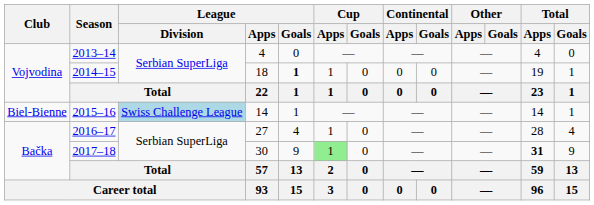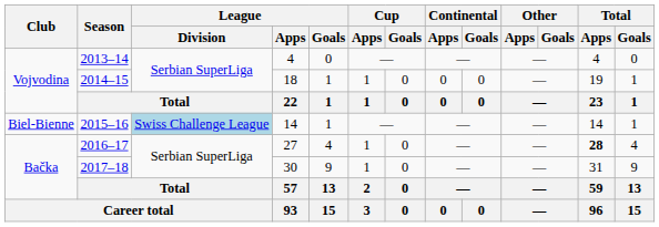 <table class="wikitable" style="text-align:center">
 <tr>
 <th rowspan="2">Club</th>
 <th rowspan="2">Season</th>
 <th colspan="3">League</th>
 <th colspan="2">Cup</th>
 <th colspan="2">Continental</th>
 <th colspan="2">Other</th>
 <th colspan="2">Total</th>
 </tr>
 <tr>
 <th>Division</th>
 <th>Apps</th>
 <th>Goals</th>
 <th>Apps</th>
 <th>Goals</th>
 <th>Apps</th>
 <th>Goals</th>
 <th>Apps</th>
 <th>Goals</th>
 <th>Apps</th>
 <th>Goals</th>
 </tr>
 <tr>
 <td rowspan="3"><a href='#'>Vojvodina</a></td>
 <td><a href='#'>2013–14</a></td>
 <td rowspan="2"><a href='#'>Serbian SuperLiga</a></td>
 <td>4</td>
 <td>0</td>
 <td colspan="2">—</td>
 <td colspan="2">—</td>
 <td colspan="2">—</td>
 <td>4</td>
 <td>0</td>
 </tr>
 <tr>
 <td><a href='#'>2014–15</a></td>
 <td>18</td>
-<td><strong>1</strong></td>
+<td>1</td>
 <td>1</td>
 <td>0</td>
 <td>0</td>
 <td>0</td>
 <td colspan="2">—</td>
 <td>19</td>
 <td>1</td>
 </tr>
 <tr>
 <th colspan="2">Total</th>
 <th>22</th>
 <th>1</th>
 <th>1</th>
 <th>0</th>
 <th>0</th>
 <th>0</th>
 <th colspan="2">—</th>
 <th>23</th>
 <th>1</th>
 </tr>
 <tr>
 <td><a href='#'>Biel-Bienne</a></td>
 <td><a href='#'>2015–16</a></td>
 <td style="background: lightblue;"><a href='#'>Swiss Challenge League</a></td>
 <td>14</td>
 <td>1</td>
 <td colspan="2">—</td>
 <td colspan="2">—</td>
 <td colspan="2">—</td>
 <td>14</td>
 <td>1</td>
 </tr>
 <tr>
 <td rowspan="3"><a href='#'>Bačka</a></td>
 <td><a href='#'>2016–17</a></td>
 <td rowspan="2">Serbian SuperLiga</td>
 <td>27</td>
 <td>4</td>
 <td>1</td>
 <td>0</td>
 <td colspan="2">—</td>
 <td colspan="2">—</td>
-<td>28</td>
+<td><strong>28</strong></td>
 <td>4</td>
 </tr>
 <tr>
 <td><a href='#'>2017–18</a></td>
 <td>30</td>
 <td>9</td>
-<td style="background: lightgreen;">1</td>
+<td>1</td>
 <td>0</td>
 <td colspan="2">—</td>
 <td colspan="2">—</td>
-<td><strong>31</strong></td>
+<td>31</td>
 <td>9</td>
 </tr>
 <tr>
 <th colspan="2">Total</th>
 <th>57</th>
 <th>13</th>
 <th>2</th>
 <th>0</th>
 <th colspan="2">—</th>
 <th colspan="2">—</th>
 <th>59</th>
 <th>13</th>
 </tr>
 <tr>
 <th colspan="3">Career total</th>
 <th>93</th>
 <th>15</th>
 <th>3</th>
 <th>0</th>
 <th>0</th>
 <th>0</th>
 <th colspan="2">—</th>
 <th>96</th>
 <th>15</th>
 </tr>
 </table>
